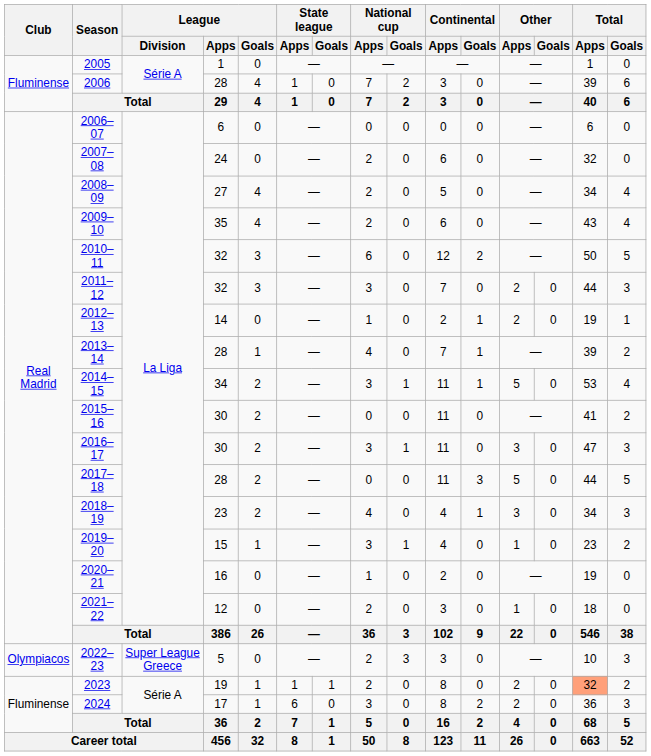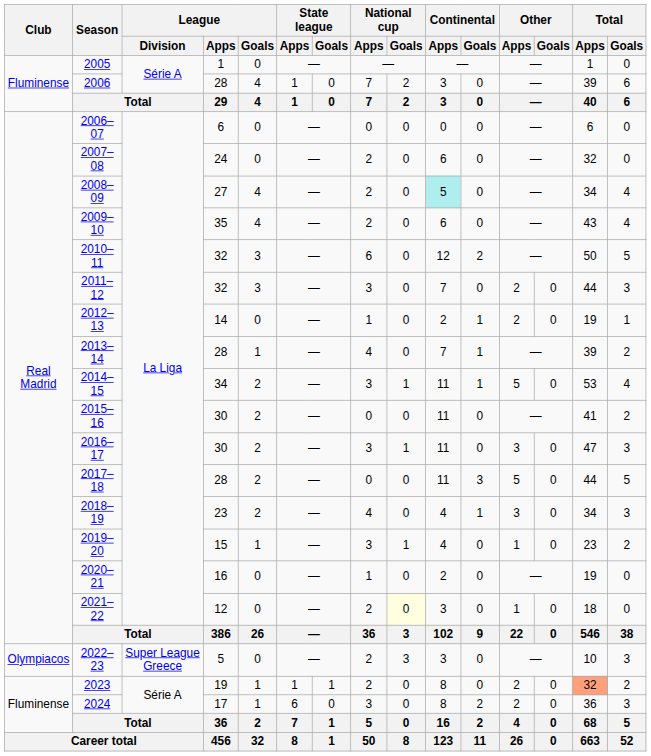 <table class="wikitable" style="text-align:center;">
 <tr>
 <th rowspan="2">Club</th>
 <th rowspan="2">Season</th>
 <th colspan="3">League</th>
 <th colspan="2">State league</th>
 <th colspan="2">National cup</th>
 <th colspan="2">Continental</th>
 <th colspan="2">Other</th>
 <th colspan="2">Total</th>
 </tr>
 <tr>
 <th>Division</th>
 <th>Apps</th>
 <th>Goals</th>
 <th>Apps</th>
 <th>Goals</th>
 <th>Apps</th>
 <th>Goals</th>
 <th>Apps</th>
 <th>Goals</th>
 <th>Apps</th>
 <th>Goals</th>
 <th>Apps</th>
 <th>Goals</th>
 </tr>
 <tr>
 <td rowspan="3"><a href='#'>Fluminense</a></td>
 <td><a href='#'>2005</a></td>
 <td rowspan="2"><a href='#'>Série A</a></td>
 <td>1</td>
 <td>0</td>
 <td colspan="2">—</td>
 <td colspan="2">—</td>
 <td colspan="2">—</td>
 <td colspan="2">—</td>
 <td>1</td>
 <td>0</td>
 </tr>
 <tr>
 <td><a href='#'>2006</a></td>
 <td>28</td>
 <td>4</td>
 <td>1</td>
 <td>0</td>
 <td>7</td>
 <td>2</td>
 <td>3</td>
 <td>0</td>
 <td colspan="2">—</td>
 <td>39</td>
 <td>6</td>
 </tr>
 <tr>
 <th colspan="2">Total</th>
 <th>29</th>
 <th>4</th>
 <th>1</th>
 <th>0</th>
 <th>7</th>
 <th>2</th>
 <th>3</th>
 <th>0</th>
 <th colspan="2">—</th>
 <th>40</th>
 <th>6</th>
 </tr>
 <tr>
 <td rowspan="17"><a href='#'>Real Madrid</a></td>
 <td><a href='#'>2006–07</a></td>
 <td rowspan="16"><a href='#'>La Liga</a></td>
 <td>6</td>
 <td>0</td>
 <td colspan="2">—</td>
 <td>0</td>
 <td>0</td>
 <td>0</td>
 <td>0</td>
 <td colspan="2">—</td>
 <td>6</td>
 <td>0</td>
 </tr>
 <tr>
 <td><a href='#'>2007–08</a></td>
 <td>24</td>
 <td>0</td>
 <td colspan="2">—</td>
 <td>2</td>
 <td>0</td>
 <td>6</td>
 <td>0</td>
 <td colspan="2">—</td>
 <td>32</td>
 <td>0</td>
 </tr>
 <tr>
 <td><a href='#'>2008–09</a></td>
 <td>27</td>
 <td>4</td>
 <td colspan="2">—</td>
 <td>2</td>
 <td>0</td>
-<td>5</td>
+<td style="background: paleturquoise;">5</td>
 <td>0</td>
 <td colspan="2">—</td>
 <td>34</td>
 <td>4</td>
 </tr>
 <tr>
 <td><a href='#'>2009–10</a></td>
 <td>35</td>
 <td>4</td>
 <td colspan="2">—</td>
 <td>2</td>
 <td>0</td>
 <td>6</td>
 <td>0</td>
 <td colspan="2">—</td>
 <td>43</td>
 <td>4</td>
 </tr>
 <tr>
 <td><a href='#'>2010–11</a></td>
 <td>32</td>
 <td>3</td>
 <td colspan="2">—</td>
 <td>6</td>
 <td>0</td>
 <td>12</td>
 <td>2</td>
 <td colspan="2">—</td>
 <td>50</td>
 <td>5</td>
 </tr>
 <tr>
 <td><a href='#'>2011–12</a></td>
 <td>32</td>
 <td>3</td>
 <td colspan="2">—</td>
 <td>3</td>
 <td>0</td>
 <td>7</td>
 <td>0</td>
 <td>2</td>
 <td>0</td>
 <td>44</td>
 <td>3</td>
 </tr>
 <tr>
 <td><a href='#'>2012–13</a></td>
 <td>14</td>
 <td>0</td>
 <td colspan="2">—</td>
 <td>1</td>
 <td>0</td>
 <td>2</td>
 <td>1</td>
 <td>2</td>
 <td>0</td>
 <td>19</td>
 <td>1</td>
 </tr>
 <tr>
 <td><a href='#'>2013–14</a></td>
 <td>28</td>
 <td>1</td>
 <td colspan="2">—</td>
 <td>4</td>
 <td>0</td>
 <td>7</td>
 <td>1</td>
 <td colspan="2">—</td>
 <td>39</td>
 <td>2</td>
 </tr>
 <tr>
 <td><a href='#'>2014–15</a></td>
 <td>34</td>
 <td>2</td>
 <td colspan="2">—</td>
 <td>3</td>
 <td>1</td>
 <td>11</td>
 <td>1</td>
 <td>5</td>
 <td>0</td>
 <td>53</td>
 <td>4</td>
 </tr>
 <tr>
 <td><a href='#'>2015–16</a></td>
 <td>30</td>
 <td>2</td>
 <td colspan="2">—</td>
 <td>0</td>
 <td>0</td>
 <td>11</td>
 <td>0</td>
 <td colspan="2">—</td>
 <td>41</td>
 <td>2</td>
 </tr>
 <tr>
 <td><a href='#'>2016–17</a></td>
 <td>30</td>
 <td>2</td>
 <td colspan="2">—</td>
 <td>3</td>
 <td>1</td>
 <td>11</td>
 <td>0</td>
 <td>3</td>
 <td>0</td>
 <td>47</td>
 <td>3</td>
 </tr>
 <tr>
 <td><a href='#'>2017–18</a></td>
 <td>28</td>
 <td>2</td>
 <td colspan="2">—</td>
 <td>0</td>
 <td>0</td>
 <td>11</td>
 <td>3</td>
 <td>5</td>
 <td>0</td>
 <td>44</td>
 <td>5</td>
 </tr>
 <tr>
 <td><a href='#'>2018–19</a></td>
 <td>23</td>
 <td>2</td>
 <td colspan="2">—</td>
 <td>4</td>
 <td>0</td>
 <td>4</td>
 <td>1</td>
 <td>3</td>
 <td>0</td>
 <td>34</td>
 <td>3</td>
 </tr>
 <tr>
 <td><a href='#'>2019–20</a></td>
 <td>15</td>
 <td>1</td>
 <td colspan="2">—</td>
 <td>3</td>
 <td>1</td>
 <td>4</td>
 <td>0</td>
 <td>1</td>
 <td>0</td>
 <td>23</td>
 <td>2</td>
 </tr>
 <tr>
 <td><a href='#'>2020–21</a></td>
 <td>16</td>
 <td>0</td>
 <td colspan="2">—</td>
 <td>1</td>
 <td>0</td>
 <td>2</td>
 <td>0</td>
 <td colspan="2">—</td>
 <td>19</td>
 <td>0</td>
 </tr>
 <tr>
 <td><a href='#'>2021–22</a></td>
 <td>12</td>
 <td>0</td>
 <td colspan="2">—</td>
 <td>2</td>
-<td>0</td>
+<td style="background: lightyellow;">0</td>
 <td>3</td>
 <td>0</td>
 <td>1</td>
 <td>0</td>
 <td>18</td>
 <td>0</td>
 </tr>
 <tr>
 <th colspan="2">Total</th>
 <th>386</th>
 <th>26</th>
 <th colspan="2">—</th>
 <th>36</th>
 <th>3</th>
 <th>102</th>
 <th>9</th>
 <th>22</th>
 <th>0</th>
 <th>546</th>
 <th>38</th>
 </tr>
 <tr>
 <td><a href='#'>Olympiacos</a></td>
 <td><a href='#'>2022–23</a></td>
 <td><a href='#'>Super League Greece</a></td>
 <td>5</td>
 <td>0</td>
 <td colspan="2">—</td>
 <td>2</td>
 <td>3</td>
 <td>3</td>
 <td>0</td>
 <td colspan="2">—</td>
 <td>10</td>
 <td>3</td>
 </tr>
 <tr>
 <td rowspan="3">Fluminense</td>
 <td><a href='#'>2023</a></td>
 <td rowspan="2">Série A</td>
 <td>19</td>
 <td>1</td>
 <td>1</td>
 <td>1</td>
 <td>2</td>
 <td>0</td>
 <td>8</td>
 <td>0</td>
 <td>2</td>
 <td>0</td>
 <td style="background: lightsalmon;">32</td>
 <td>2</td>
 </tr>
 <tr>
 <td><a href='#'>2024</a></td>
 <td>17</td>
 <td>1</td>
 <td>6</td>
 <td>0</td>
 <td>3</td>
 <td>0</td>
 <td>8</td>
 <td>2</td>
 <td>2</td>
 <td>0</td>
 <td>36</td>
 <td>3</td>
 </tr>
 <tr>
 <th colspan="2">Total</th>
 <th>36</th>
 <th>2</th>
 <th>7</th>
 <th>1</th>
 <th>5</th>
 <th>0</th>
 <th>16</th>
 <th>2</th>
 <th>4</th>
 <th>0</th>
 <th>68</th>
 <th>5</th>
 </tr>
 <tr>
 <th colspan="3">Career total</th>
 <th>456</th>
 <th>32</th>
 <th>8</th>
 <th>1</th>
 <th>50</th>
 <th>8</th>
 <th>123</th>
 <th>11</th>
 <th>26</th>
 <th>0</th>
 <th>663</th>
 <th>52</th>
 </tr>
 </table>
